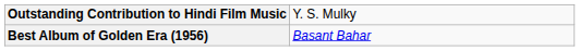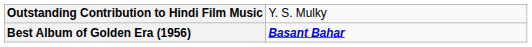 <table class="wikitable">
 <tr>
 <th style="text-align: left; width:50%;">Outstanding Contribution to Hindi Film Music</th>
 <td>Y. S. Mulky</td>
 </tr>
 <tr>
 <th style="text-align: left;">Best Album of Golden Era (1956)</th>
-<td><em><a href='#'>Basant Bahar</a></em></td>
+<td><strong><em><a href='#'>Basant Bahar</a></em></strong></td>
 </tr>
 </table>
